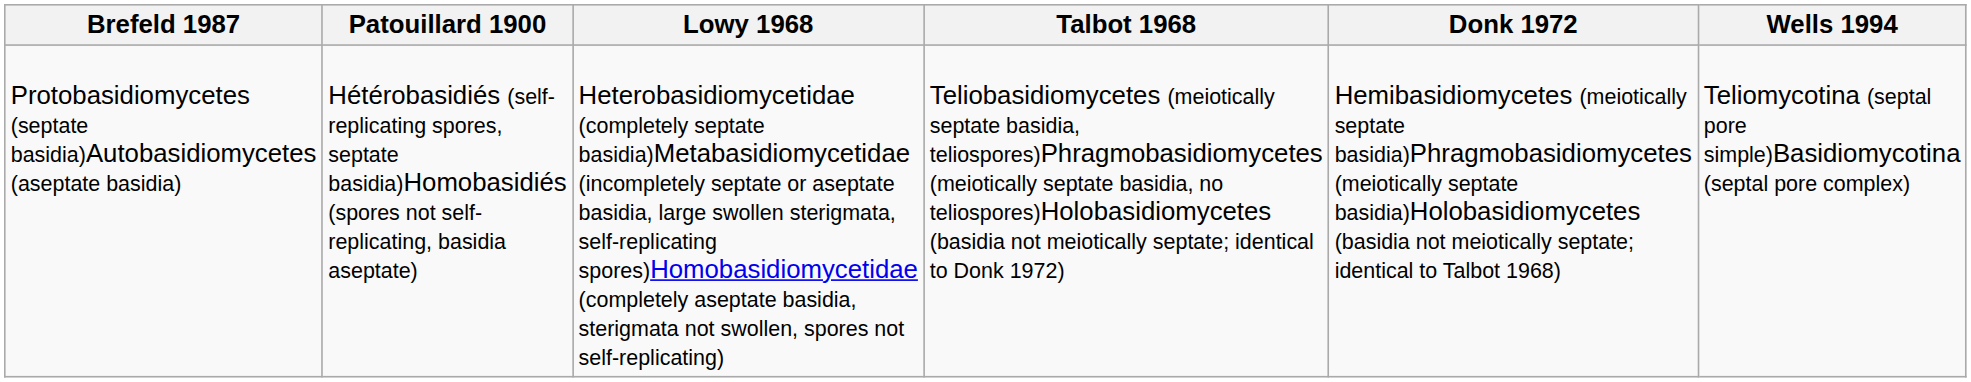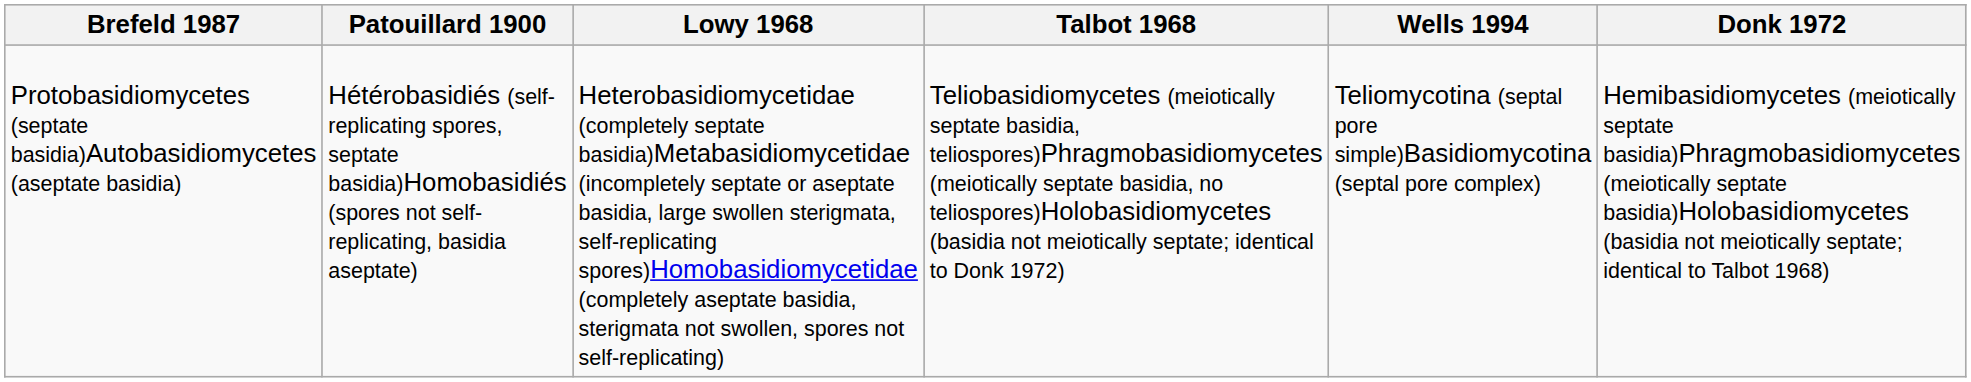 <table class="wikitable" style="width: 200px">
 <tr>
 <th>Brefeld 1987</th>
 <th>Patouillard 1900</th>
 <th>Lowy 1968</th>
 <th>Talbot 1968</th>
+<th>Wells 1994</th>
 <th>Donk 1972</th>
-<th>Wells 1994</th>
 </tr>
 <tr valign="top">
 <td><br>Protobasidiomycetes <small>(septate basidia)</small>Autobasidiomycetes <small>(aseptate basidia)</small></td>
 <td><br>Hétérobasidiés <small>(self-replicating spores, septate basidia)</small>Homobasidiés <small>(spores not self-replicating, basidia aseptate)</small></td>
 <td width="225"><br>Heterobasidiomycetidae <small>(completely septate basidia)</small>Metabasidiomycetidae <small>(incompletely septate or aseptate basidia, large swollen sterigmata, self-replicating spores)</small><a href='#'>Homobasidiomycetidae</a> <small>(completely aseptate basidia, sterigmata not swollen, spores not self-replicating)</small></td>
 <td><br>Teliobasidiomycetes <small>(meiotically septate basidia, teliospores)</small>Phragmobasidiomycetes <small>(meiotically septate basidia, no teliospores)</small>Holobasidiomycetes <small>(basidia not meiotically septate; identical to Donk 1972)</small></td>
+<td><br>Teliomycotina <small>(septal pore simple)</small>Basidiomycotina <small>(septal pore complex)</small></td>
 <td><br>Hemibasidiomycetes <small>(meiotically septate basidia)</small>Phragmobasidiomycetes <small>(meiotically septate basidia)</small>Holobasidiomycetes <small>(basidia not meiotically septate; identical to Talbot 1968)</small></td>
-<td><br>Teliomycotina <small>(septal pore simple)</small>Basidiomycotina <small>(septal pore complex)</small></td>
 </tr>
 </table>
